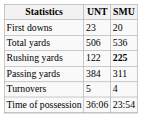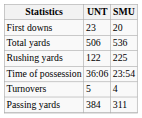 <table class="wikitable">
 <tr>
 <th>Statistics</th>
 <th>UNT</th>
 <th>SMU</th>
 </tr>
 <tr>
 <td>First downs</td>
 <td>23</td>
 <td>20</td>
 </tr>
 <tr>
 <td>Total yards</td>
 <td>506</td>
 <td>536</td>
 </tr>
 <tr>
 <td>Rushing yards</td>
 <td>122</td>
-<td><strong>225</strong></td>
+<td>225</td>
+</tr>
+<tr>
+<td>Time of possession</td>
+<td>36:06</td>
+<td>23:54</td>
+</tr>
+<tr>
+<td>Turnovers</td>
+<td>5</td>
+<td>4</td>
 </tr>
 <tr>
 <td>Passing yards</td>
 <td>384</td>
 <td>311</td>
 </tr>
 <tr>
-<td>Turnovers</td>
-<td>5</td>
-<td>4</td>
-</tr>
-<tr>
-<td>Time of possession</td>
-<td>36:06</td>
-<td>23:54</td>
-</tr>
-<tr>
 </tr>
 </table>
